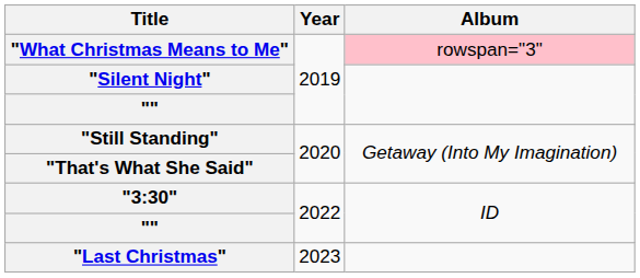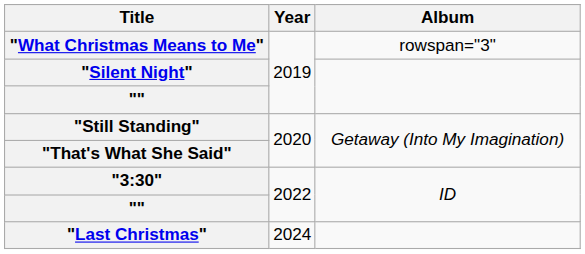 <table class="wikitable plainrowheaders" style="text-align:center;">
 <tr>
 <th scope="col" style="width:15em;">Title</th>
 <th scope="col" style="width:2em;">Year</th>
 <th scope="col" style="width:15em;">Album</th>
 </tr>
 <tr>
 <th scope="row">"<a href='#'>What Christmas Means to Me</a>"</th>
 <td rowspan="3">2019</td>
-<td style="background: pink;">rowspan="3" </td>
+<td>rowspan="3" </td>
 </tr>
 <tr>
 <th scope="row">"<a href='#'>Silent Night</a>"</th>
 </tr>
 <tr>
 <th scope="row">""</th>
 </tr>
 <tr>
 <th scope="row">"Still Standing"</th>
 <td rowspan="2">2020</td>
 <td rowspan="2"><em>Getaway (Into My Imagination)</em></td>
 </tr>
 <tr>
 <th scope="row">"That's What She Said"</th>
 </tr>
 <tr>
 <th scope="row">"3:30"</th>
 <td rowspan="2">2022</td>
 <td rowspan="2"><em>ID</em></td>
 </tr>
 <tr>
 <th scope="row">""</th>
 </tr>
 <tr>
 <th scope="row">"<a href='#'>Last Christmas</a>"<br></th>
-<td>2023</td>
+<td>2024</td>
 <td></td>
 </tr>
 </table>
